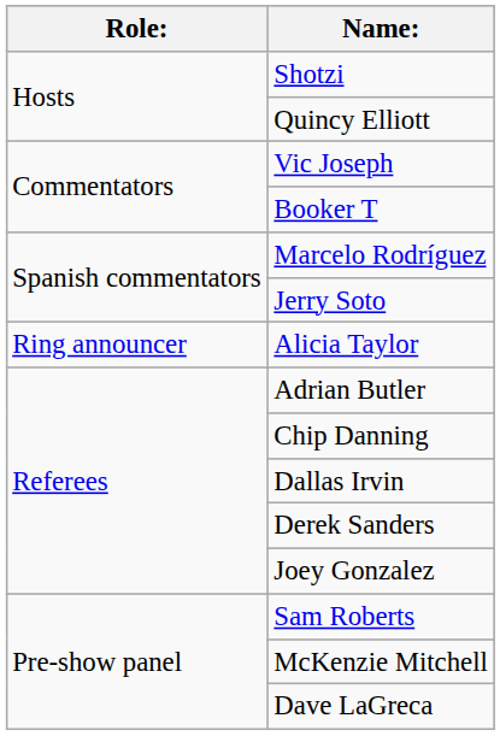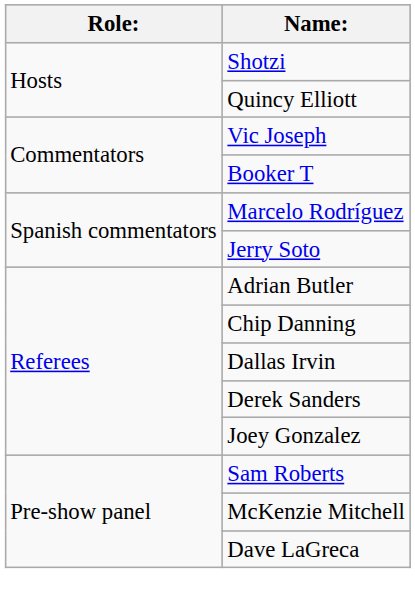 <table class=wikitable style="font-size:90%; margin: 0.5em 0 0.5em 1em; float: right; clear: right;">
 <tr>
 <th>Role:</th>
 <th>Name:</th>
 </tr>
 <tr>
 <td rowspan=2>Hosts</td>
 <td><a href='#'>Shotzi</a></td>
 </tr>
 <tr>
 <td>Quincy Elliott</td>
 </tr>
 <tr>
 <td rowspan=2>Commentators</td>
 <td><a href='#'>Vic Joseph</a></td>
 </tr>
 <tr>
 <td><a href='#'>Booker T</a></td>
 </tr>
 <tr>
 <td rowspan=2>Spanish commentators</td>
 <td><a href='#'>Marcelo Rodríguez</a></td>
 </tr>
 <tr>
 <td><a href='#'>Jerry Soto</a></td>
-</tr>
-<tr>
-<td rowspan=1><a href='#'>Ring announcer</a></td>
-<td><a href='#'>Alicia Taylor</a></td>
 </tr>
 <tr>
 <td rowspan=5><a href='#'>Referees</a></td>
 <td>Adrian Butler</td>
 </tr>
 <tr>
 <td>Chip Danning</td>
 </tr>
 <tr>
 <td>Dallas Irvin</td>
 </tr>
 <tr>
 <td>Derek Sanders</td>
 </tr>
 <tr>
 <td>Joey Gonzalez</td>
 </tr>
 <tr>
 <td rowspan=3>Pre-show panel</td>
 <td><a href='#'>Sam Roberts</a></td>
 </tr>
 <tr>
 <td>McKenzie Mitchell</td>
 </tr>
 <tr>
 <td>Dave LaGreca</td>
 </tr>
 </table>
